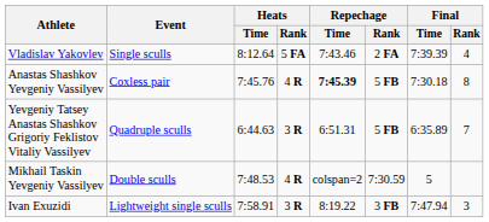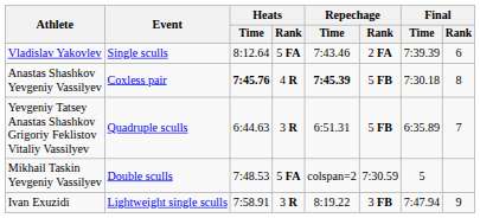 <table class=wikitable style=font-size:90%;text-align:center>
 <tr>
 <th rowspan=2>Athlete</th>
 <th rowspan=2>Event</th>
 <th colspan=2>Heats</th>
 <th colspan=2>Repechage</th>
 <th colspan=2>Final</th>
 </tr>
 <tr style="font-size:95%">
 <th>Time</th>
 <th>Rank</th>
 <th>Time</th>
 <th>Rank</th>
 <th>Time</th>
 <th>Rank</th>
 </tr>
 <tr>
 <td align=left><a href='#'>Vladislav Yakovlev</a></td>
 <td align=left><a href='#'>Single sculls</a></td>
 <td>8:12.64</td>
 <td>5 <strong>FA</strong></td>
 <td>7:43.46</td>
 <td>2 <strong>FA</strong></td>
 <td>7:39.39</td>
-<td>4</td>
+<td>6</td>
 </tr>
 <tr>
 <td align=left>Anastas Shashkov<br>Yevgeniy Vassilyev</td>
 <td align=left><a href='#'>Coxless pair</a></td>
-<td>7:45.76</td>
+<td><strong>7:45.76</strong></td>
 <td>4 <strong>R</strong></td>
 <td><strong>7:45.39</strong></td>
 <td>5 <strong>FB</strong></td>
 <td>7:30.18</td>
 <td>8</td>
 </tr>
 <tr>
 <td align=left>Yevgeniy Tatsey<br>Anastas Shashkov<br>Grigoriy Feklistov<br>Vitaliy Vassilyev</td>
 <td align=left><a href='#'>Quadruple sculls</a></td>
 <td>6:44.63</td>
 <td>3 <strong>R</strong></td>
 <td>6:51.31</td>
 <td>5 <strong>FB</strong></td>
 <td>6:35.89</td>
 <td>7</td>
 </tr>
 <tr>
 <td align=left>Mikhail Taskin<br>Yevgeniy Vassilyev</td>
 <td align=left><a href='#'>Double sculls</a></td>
 <td>7:48.53</td>
-<td>4 <strong>R</strong></td>
+<td>5 <strong>FA</strong></td>
 <td>colspan=2 </td>
 <td>7:30.59</td>
 <td>5</td>
 </tr>
 <tr>
 <td align=left>Ivan Exuzidi</td>
 <td align=left><a href='#'>Lightweight single sculls</a></td>
 <td>7:58.91</td>
 <td>3 <strong>R</strong></td>
 <td>8:19.22</td>
 <td>3 <strong>FB</strong></td>
 <td>7:47.94</td>
-<td>3</td>
+<td>9</td>
 </tr>
 </table>
